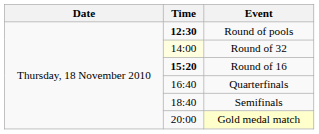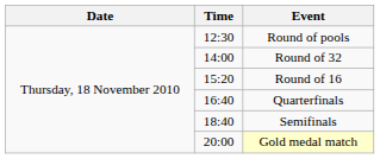 <table class = "wikitable" style="text-align:center;">
 <tr>
 <th width=220>Date</th>
 <th width=50>Time</th>
 <th width=150>Event</th>
 </tr>
 <tr>
 <td rowspan=6>Thursday, 18 November 2010</td>
-<td><strong>12:30</strong></td>
+<td>12:30</td>
 <td>Round of pools</td>
 </tr>
 <tr>
-<td style="background: lightyellow;">14:00</td>
+<td>14:00</td>
 <td>Round of 32</td>
 </tr>
 <tr>
-<td><strong>15:20</strong></td>
+<td>15:20</td>
 <td>Round of 16</td>
 </tr>
 <tr>
 <td>16:40</td>
 <td>Quarterfinals</td>
 </tr>
 <tr>
 <td>18:40</td>
 <td>Semifinals</td>
 </tr>
 <tr>
 <td>20:00</td>
 <td bgcolor=ffffcc>Gold medal match</td>
 </tr>
 </table>
